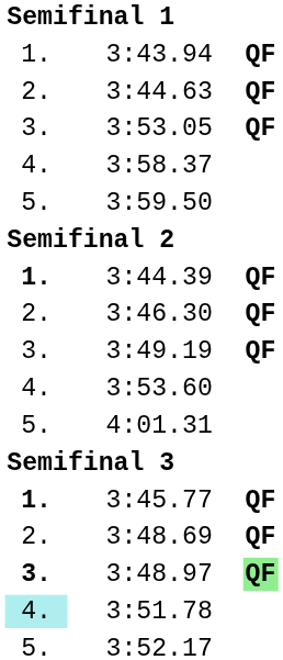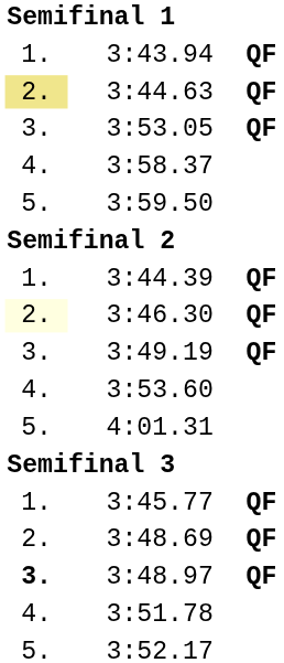 <table style="text-align:center">
 <tr>
 <td colspan=4 align=left><strong>Semifinal 1</strong></td>
 </tr>
 <tr>
 <td width=30>1.</td>
 <td align=left></td>
 <td width=80>3:43.94</td>
 <td><strong>QF</strong></td>
 </tr>
 <tr>
-<td>2.</td>
+<td style="background: khaki;">2.</td>
 <td align=left></td>
 <td>3:44.63</td>
 <td><strong>QF</strong></td>
 </tr>
 <tr>
 <td>3.</td>
 <td align=left></td>
 <td>3:53.05</td>
 <td><strong>QF</strong></td>
 </tr>
 <tr>
 <td>4.</td>
 <td align=left></td>
 <td>3:58.37</td>
 <td></td>
 </tr>
 <tr>
 <td>5.</td>
 <td align=left></td>
 <td>3:59.50</td>
 <td></td>
 </tr>
 <tr>
 <td colspan=4 align=left><strong>Semifinal 2</strong></td>
 </tr>
 <tr>
-<td><strong>1.</strong></td>
+<td>1.</td>
 <td align=left></td>
 <td>3:44.39</td>
 <td><strong>QF</strong></td>
 </tr>
 <tr>
-<td>2.</td>
+<td style="background: lightyellow;">2.</td>
 <td align=left></td>
 <td>3:46.30</td>
 <td><strong>QF</strong></td>
 </tr>
 <tr>
 <td>3.</td>
 <td align=left></td>
 <td>3:49.19</td>
 <td><strong>QF</strong></td>
 </tr>
 <tr>
 <td>4.</td>
 <td align=left></td>
 <td>3:53.60</td>
 <td></td>
 </tr>
 <tr>
 <td>5.</td>
 <td align=left></td>
 <td>4:01.31</td>
 <td></td>
 </tr>
 <tr>
 <td colspan=4 align=left><strong>Semifinal 3</strong></td>
 </tr>
 <tr>
-<td><strong>1.</strong></td>
+<td>1.</td>
 <td align=left></td>
 <td>3:45.77</td>
 <td><strong>QF</strong></td>
 </tr>
 <tr>
 <td>2.</td>
 <td align=left></td>
 <td>3:48.69</td>
 <td><strong>QF</strong></td>
 </tr>
 <tr>
 <td><strong>3.</strong></td>
 <td align=left></td>
 <td>3:48.97</td>
-<td style="background: lightgreen;"><strong>QF</strong></td>
+<td><strong>QF</strong></td>
 </tr>
 <tr>
-<td style="background: paleturquoise;">4.</td>
+<td>4.</td>
 <td align=left></td>
 <td>3:51.78</td>
 <td></td>
 </tr>
 <tr>
 <td>5.</td>
 <td align=left></td>
 <td>3:52.17</td>
 <td></td>
 </tr>
 </table>
